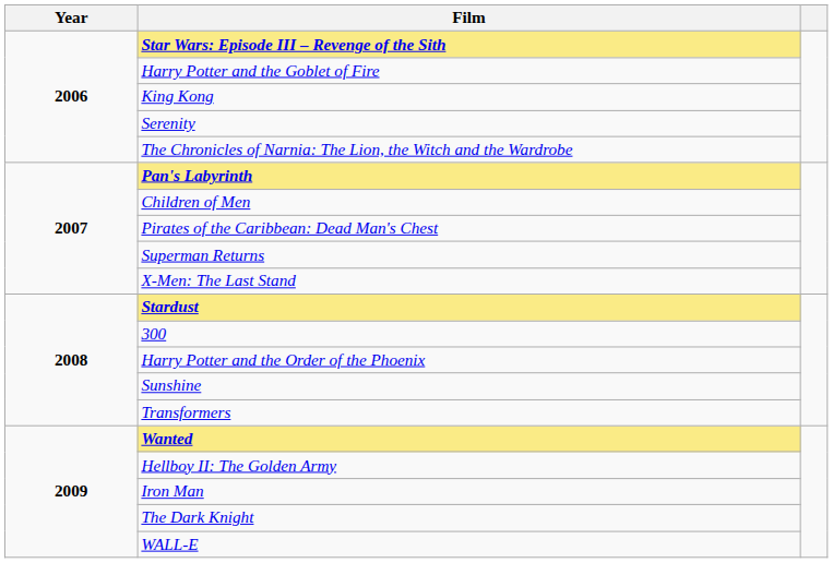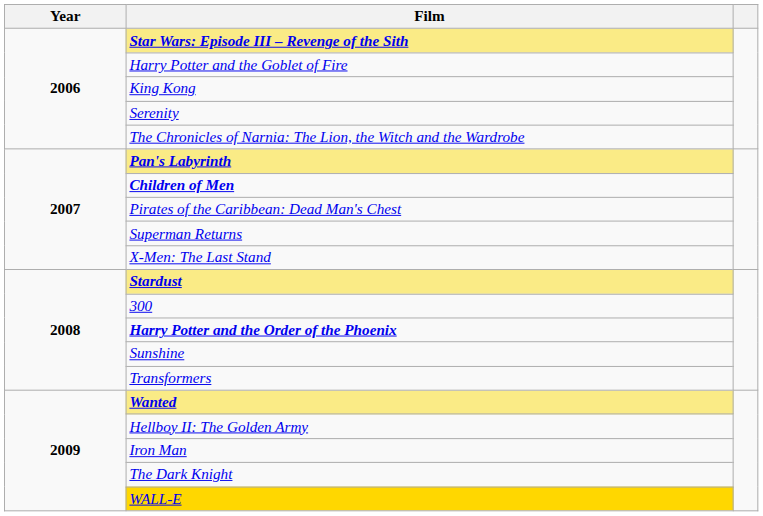 <table class="wikitable" style="width:40%;">
 <tr>
 <th style="width:10%;">Year</th>
 <th style="width:50%;">Film</th>
 <th style="width:2%;"></th>
 </tr>
 <tr>
 <td rowspan="5" style="text-align:center"><strong>2006<br> </strong></td>
 <td style="background:#FAEB86"><strong><em><a href='#'>Star Wars: Episode III – Revenge of the Sith</a></em></strong></td>
 <td rowspan="5" style="text-align:center"></td>
 </tr>
 <tr>
 <td><em><a href='#'>Harry Potter and the Goblet of Fire</a></em></td>
 </tr>
 <tr>
 <td><em><a href='#'>King Kong</a></em></td>
 </tr>
 <tr>
 <td><em><a href='#'>Serenity</a></em></td>
 </tr>
 <tr>
 <td><em><a href='#'>The Chronicles of Narnia: The Lion, the Witch and the Wardrobe</a></em></td>
 </tr>
 <tr>
 <td rowspan="5" style="text-align:center"><strong>2007<br> </strong></td>
 <td style="background:#FAEB86"><strong><em><a href='#'>Pan's Labyrinth</a></em></strong></td>
 <td rowspan="5" style="text-align:center"></td>
 </tr>
 <tr>
-<td><em><a href='#'>Children of Men</a></em></td>
+<td><strong><em><a href='#'>Children of Men</a></em></strong></td>
 </tr>
 <tr>
 <td><em><a href='#'>Pirates of the Caribbean: Dead Man's Chest</a></em></td>
 </tr>
 <tr>
 <td><em><a href='#'>Superman Returns</a></em></td>
 </tr>
 <tr>
 <td><em><a href='#'>X-Men: The Last Stand</a></em></td>
 </tr>
 <tr>
 <td rowspan="5" style="text-align:center"><strong>2008<br> </strong></td>
 <td style="background:#FAEB86"><strong><em><a href='#'>Stardust</a></em></strong></td>
 <td rowspan="5" style="text-align:center"></td>
 </tr>
 <tr>
 <td><em><a href='#'>300</a></em></td>
 </tr>
 <tr>
-<td><em><a href='#'>Harry Potter and the Order of the Phoenix</a></em></td>
+<td><strong><em><a href='#'>Harry Potter and the Order of the Phoenix</a></em></strong></td>
 </tr>
 <tr>
 <td><em><a href='#'>Sunshine</a></em></td>
 </tr>
 <tr>
 <td><em><a href='#'>Transformers</a></em></td>
 </tr>
 <tr>
 <td rowspan="5" style="text-align:center"><strong>2009<br> </strong></td>
 <td style="background:#FAEB86"><strong><em><a href='#'>Wanted</a></em></strong></td>
 <td rowspan="5" style="text-align:center"></td>
 </tr>
 <tr>
 <td><em><a href='#'>Hellboy II: The Golden Army</a></em></td>
 </tr>
 <tr>
 <td><em><a href='#'>Iron Man</a></em></td>
 </tr>
 <tr>
 <td><em><a href='#'>The Dark Knight</a></em></td>
 </tr>
 <tr>
-<td><em><a href='#'>WALL-E</a></em></td>
+<td style="background: gold;"><em><a href='#'>WALL-E</a></em></td>
 </tr>
 </table>
